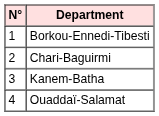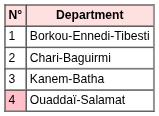 <table border=1 cellpadding="4" cellspacing="0">
 <tr style="background:#ffe0e0;">
 <th>N°</th>
 <th>Department</th>
 </tr>
 <tr>
 <td>1</td>
 <td>Borkou-Ennedi-Tibesti</td>
 </tr>
 <tr>
 <td>2</td>
 <td>Chari-Baguirmi</td>
 </tr>
 <tr>
 <td>3</td>
 <td>Kanem-Batha</td>
 </tr>
 <tr>
-<td>4</td>
+<td style="background: pink;">4</td>
 <td>Ouaddaï-Salamat</td>
 </tr>
 </table>
